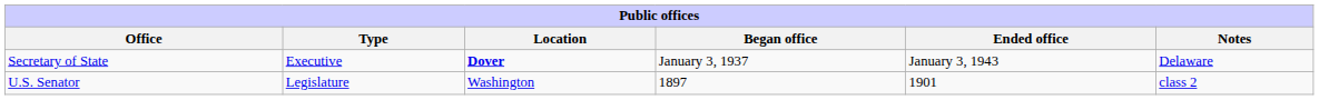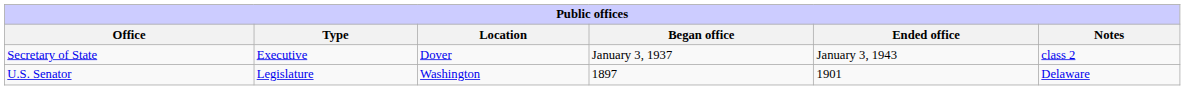 <table class=wikitable style="width: 94%" style="text-align: center;" align="center">
 <tr bgcolor=#cccccc>
 <th colspan=8 style="background: #ccccff;">Public offices</th>
 </tr>
 <tr>
 <th><strong>Office</strong></th>
 <th><strong>Type</strong></th>
 <th><strong>Location</strong></th>
 <th><strong>Began office</strong></th>
 <th><strong>Ended office</strong></th>
 <th><strong>Notes</strong></th>
 </tr>
 <tr>
 <td><a href='#'>Secretary of State</a></td>
 <td><a href='#'>Executive</a></td>
-<td><strong><a href='#'>Dover</a></strong></td>
+<td><a href='#'>Dover</a></td>
 <td>January 3, 1937</td>
 <td>January 3, 1943</td>
-<td><a href='#'>Delaware</a></td>
+<td><a href='#'>class 2</a></td>
 </tr>
 <tr>
 <td><a href='#'>U.S. Senator</a></td>
 <td><a href='#'>Legislature</a></td>
 <td><a href='#'>Washington</a></td>
 <td>1897</td>
 <td>1901</td>
-<td><a href='#'>class 2</a></td>
+<td><a href='#'>Delaware</a></td>
 </tr>
 </table>
